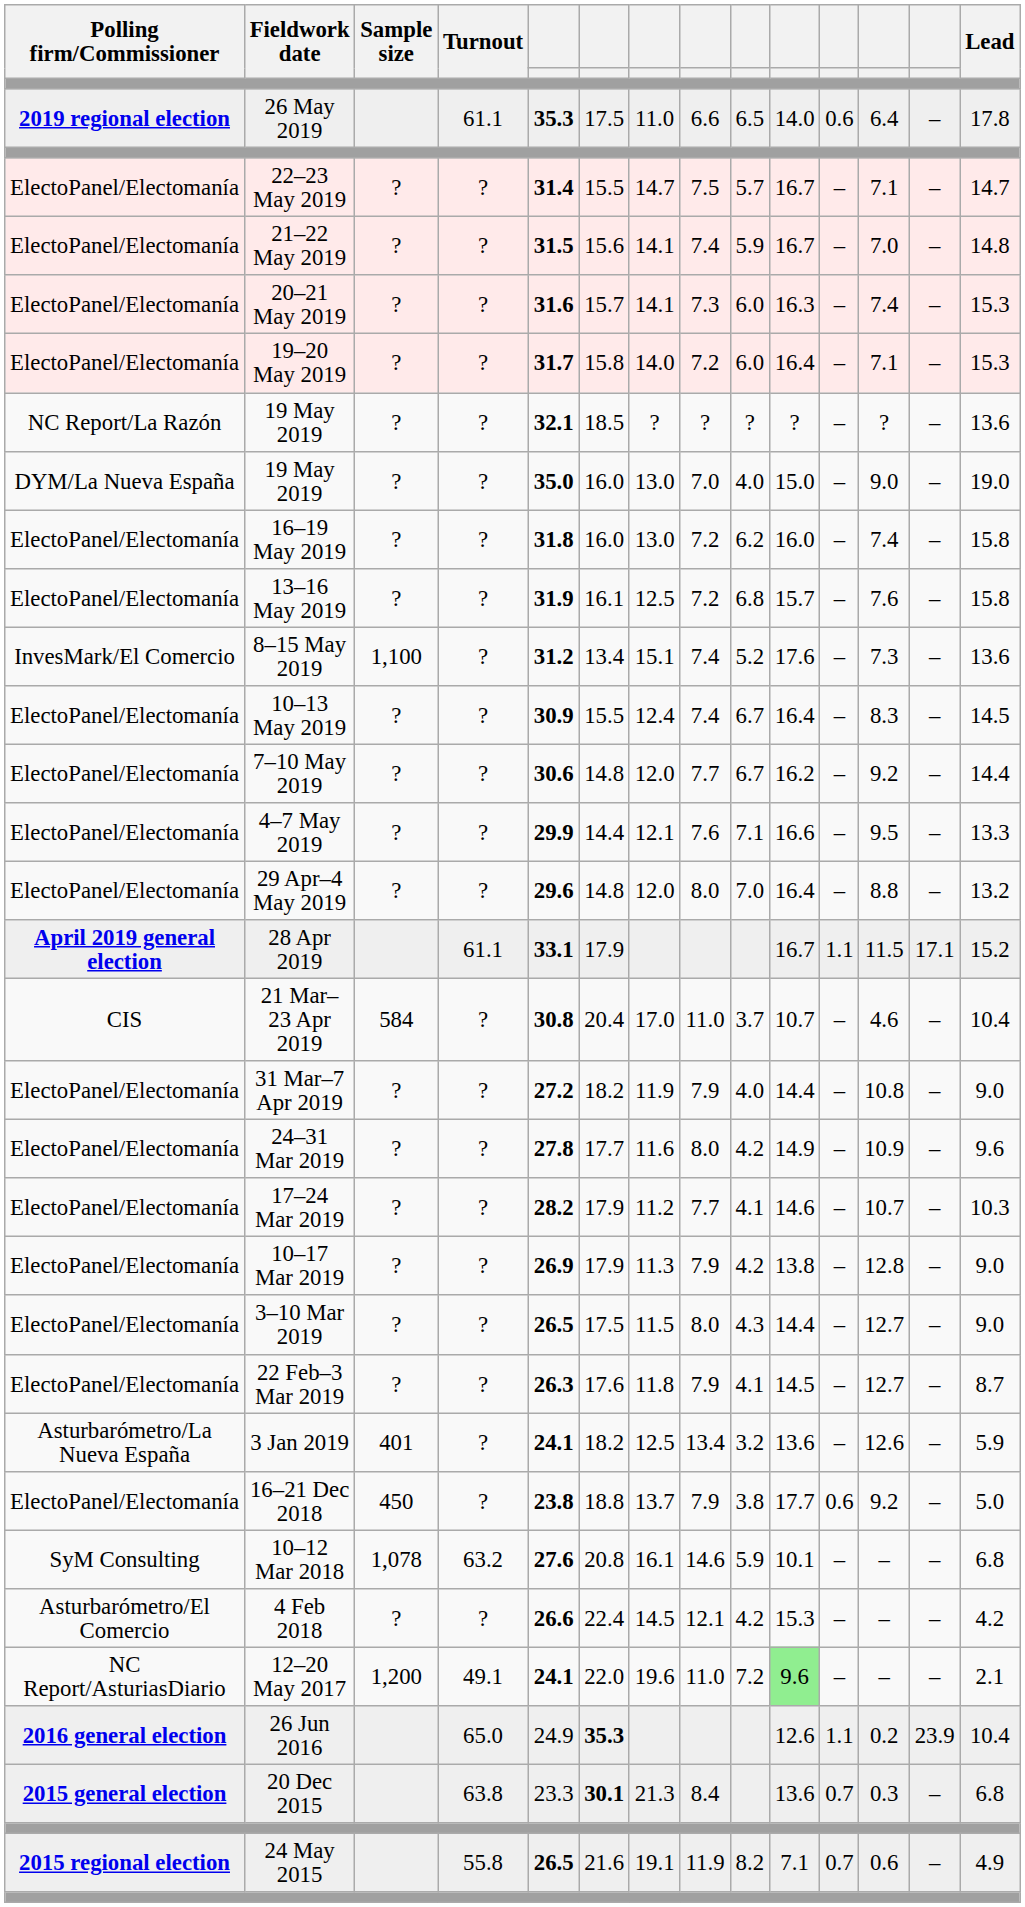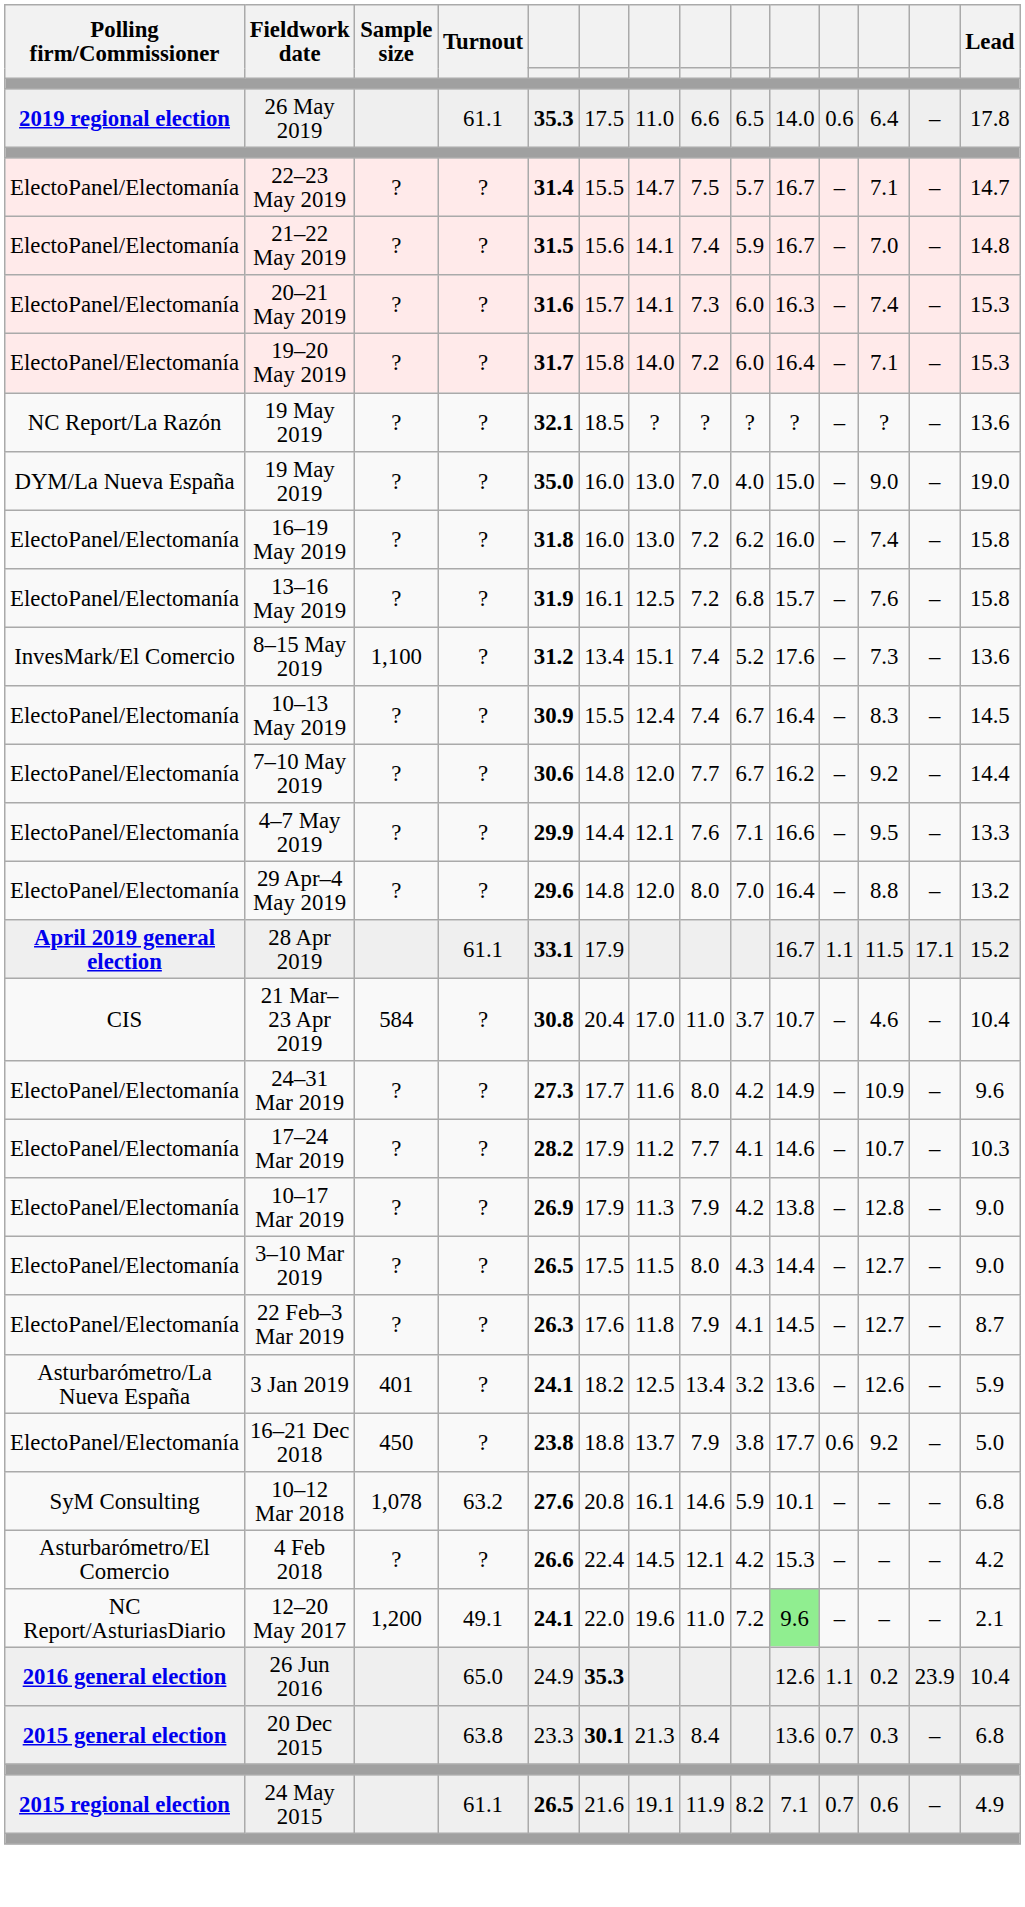 <table class="wikitable collapsible collapsed" style="text-align:center; font-size:95%; line-height:16px;">
 <tr style="height:42px;">
 <th style="width:250px;" rowspan="2">Polling firm/Commissioner</th>
 <th style="width:125px;" rowspan="2">Fieldwork date</th>
 <th style="width:50px;" rowspan="2">Sample size</th>
 <th style="width:45px;" rowspan="2">Turnout</th>
 <th style="width:35px;"></th>
 <th style="width:35px;"></th>
 <th style="width:35px;"></th>
 <th style="width:35px;"></th>
 <th style="width:35px;"></th>
 <th style="width:35px;"></th>
 <th style="width:35px;"></th>
 <th style="width:35px;"></th>
 <th style="width:35px;"></th>
 <th style="width:30px;" rowspan="2">Lead</th>
 </tr>
 <tr>
 <th style="color:inherit;background:"></th>
 <th style="color:inherit;background:"></th>
 <th style="color:inherit;background:"></th>
 <th style="color:inherit;background:"></th>
 <th style="color:inherit;background:"></th>
 <th style="color:inherit;background:"></th>
 <th style="color:inherit;background:"></th>
 <th style="color:inherit;background:"></th>
 <th style="color:inherit;background:"></th>
 </tr>
 <tr>
 <td colspan="14" style="background:#A0A0A0"></td>
 </tr>
 <tr style="background:#EFEFEF;">
 <td><strong><a href='#'>2019 regional election</a></strong></td>
 <td>26 May 2019</td>
 <td></td>
 <td>61.1</td>
 <td><strong>35.3</strong><br></td>
 <td>17.5<br></td>
 <td>11.0<br></td>
 <td>6.6<br></td>
 <td>6.5<br></td>
 <td>14.0<br></td>
 <td>0.6<br></td>
 <td>6.4<br></td>
 <td>–</td>
 <td style="background:">17.8</td>
 </tr>
 <tr>
 <td colspan="14" style="background:#A0A0A0"></td>
 </tr>
 <tr style="background:#FFEAEA;">
 <td>ElectoPanel/Electomanía</td>
 <td>22–23 May 2019</td>
 <td>?</td>
 <td>?</td>
 <td><strong>31.4</strong><br></td>
 <td>15.5<br></td>
 <td>14.7<br></td>
 <td>7.5<br></td>
 <td>5.7<br></td>
 <td>16.7<br></td>
 <td>–</td>
 <td>7.1<br></td>
 <td>–</td>
 <td style="background:">14.7</td>
 </tr>
 <tr style="background:#FFEAEA;">
 <td>ElectoPanel/Electomanía</td>
 <td>21–22 May 2019</td>
 <td>?</td>
 <td>?</td>
 <td><strong>31.5</strong><br></td>
 <td>15.6<br></td>
 <td>14.1<br></td>
 <td>7.4<br></td>
 <td>5.9<br></td>
 <td>16.7<br></td>
 <td>–</td>
 <td>7.0<br></td>
 <td>–</td>
 <td style="background:">14.8</td>
 </tr>
 <tr style="background:#FFEAEA;">
 <td>ElectoPanel/Electomanía</td>
 <td>20–21 May 2019</td>
 <td>?</td>
 <td>?</td>
 <td><strong>31.6</strong><br></td>
 <td>15.7<br></td>
 <td>14.1<br></td>
 <td>7.3<br></td>
 <td>6.0<br></td>
 <td>16.3<br></td>
 <td>–</td>
 <td>7.4<br></td>
 <td>–</td>
 <td style="background:">15.3</td>
 </tr>
 <tr style="background:#FFEAEA;">
 <td>ElectoPanel/Electomanía</td>
 <td>19–20 May 2019</td>
 <td>?</td>
 <td>?</td>
 <td><strong>31.7</strong><br></td>
 <td>15.8<br></td>
 <td>14.0<br></td>
 <td>7.2<br></td>
 <td>6.0<br></td>
 <td>16.4<br></td>
 <td>–</td>
 <td>7.1<br></td>
 <td>–</td>
 <td style="background:">15.3</td>
 </tr>
 <tr>
 <td>NC Report/La Razón</td>
 <td>19 May 2019</td>
 <td>?</td>
 <td>?</td>
 <td><strong>32.1</strong><br></td>
 <td>18.5<br></td>
 <td>?<br></td>
 <td>?<br></td>
 <td>?<br></td>
 <td>?<br></td>
 <td>–</td>
 <td>?<br></td>
 <td>–</td>
 <td style="background:">13.6</td>
 </tr>
 <tr>
 <td>DYM/La Nueva España</td>
 <td>19 May 2019</td>
 <td>?</td>
 <td>?</td>
 <td><strong>35.0</strong><br></td>
 <td>16.0<br></td>
 <td>13.0<br></td>
 <td>7.0<br></td>
 <td>4.0<br></td>
 <td>15.0<br></td>
 <td>–</td>
 <td>9.0<br></td>
 <td>–</td>
 <td style="background:">19.0</td>
 </tr>
 <tr>
 <td>ElectoPanel/Electomanía</td>
 <td>16–19 May 2019</td>
 <td>?</td>
 <td>?</td>
 <td><strong>31.8</strong><br></td>
 <td>16.0<br></td>
 <td>13.0<br></td>
 <td>7.2<br></td>
 <td>6.2<br></td>
 <td>16.0<br></td>
 <td>–</td>
 <td>7.4<br></td>
 <td>–</td>
 <td style="background:">15.8</td>
 </tr>
 <tr>
 <td>ElectoPanel/Electomanía</td>
 <td>13–16 May 2019</td>
 <td>?</td>
 <td>?</td>
 <td><strong>31.9</strong><br></td>
 <td>16.1<br></td>
 <td>12.5<br></td>
 <td>7.2<br></td>
 <td>6.8<br></td>
 <td>15.7<br></td>
 <td>–</td>
 <td>7.6<br></td>
 <td>–</td>
 <td style="background:">15.8</td>
 </tr>
 <tr>
 <td>InvesMark/El Comercio</td>
 <td>8–15 May 2019</td>
 <td>1,100</td>
 <td>?</td>
 <td><strong>31.2</strong><br></td>
 <td>13.4<br></td>
 <td>15.1<br></td>
 <td>7.4<br></td>
 <td>5.2<br></td>
 <td>17.6<br></td>
 <td>–</td>
 <td>7.3<br></td>
 <td>–</td>
 <td style="background:">13.6</td>
 </tr>
 <tr>
 <td>ElectoPanel/Electomanía</td>
 <td>10–13 May 2019</td>
 <td>?</td>
 <td>?</td>
 <td><strong>30.9</strong><br></td>
 <td>15.5<br></td>
 <td>12.4<br></td>
 <td>7.4<br></td>
 <td>6.7<br></td>
 <td>16.4<br></td>
 <td>–</td>
 <td>8.3<br></td>
 <td>–</td>
 <td style="background:">14.5</td>
 </tr>
 <tr>
 <td>ElectoPanel/Electomanía</td>
 <td>7–10 May 2019</td>
 <td>?</td>
 <td>?</td>
 <td><strong>30.6</strong><br></td>
 <td>14.8<br></td>
 <td>12.0<br></td>
 <td>7.7<br></td>
 <td>6.7<br></td>
 <td>16.2<br></td>
 <td>–</td>
 <td>9.2<br></td>
 <td>–</td>
 <td style="background:">14.4</td>
 </tr>
 <tr>
 <td>ElectoPanel/Electomanía</td>
 <td>4–7 May 2019</td>
 <td>?</td>
 <td>?</td>
 <td><strong>29.9</strong><br></td>
 <td>14.4<br></td>
 <td>12.1<br></td>
 <td>7.6<br></td>
 <td>7.1<br></td>
 <td>16.6<br></td>
 <td>–</td>
 <td>9.5<br></td>
 <td>–</td>
 <td style="background:">13.3</td>
 </tr>
 <tr>
 <td>ElectoPanel/Electomanía</td>
 <td>29 Apr–4 May 2019</td>
 <td>?</td>
 <td>?</td>
 <td><strong>29.6</strong><br></td>
 <td>14.8<br></td>
 <td>12.0<br></td>
 <td>8.0<br></td>
 <td>7.0<br></td>
 <td>16.4<br></td>
 <td>–</td>
 <td>8.8<br></td>
 <td>–</td>
 <td style="background:">13.2</td>
 </tr>
 <tr style="background:#EFEFEF;">
 <td><strong><a href='#'>April 2019 general election</a></strong></td>
 <td>28 Apr 2019</td>
 <td></td>
 <td>61.1</td>
 <td><strong>33.1</strong><br></td>
 <td>17.9<br></td>
 <td></td>
 <td></td>
 <td></td>
 <td>16.7<br></td>
 <td>1.1<br></td>
 <td>11.5<br></td>
 <td>17.1<br></td>
 <td style="background:">15.2</td>
 </tr>
 <tr>
 <td>CIS</td>
 <td>21 Mar–23 Apr 2019</td>
 <td>584</td>
 <td>?</td>
 <td><strong>30.8</strong><br></td>
 <td>20.4<br></td>
 <td>17.0<br></td>
 <td>11.0<br></td>
 <td>3.7<br></td>
 <td>10.7<br></td>
 <td>–</td>
 <td>4.6<br></td>
 <td>–</td>
 <td style="background:">10.4</td>
 </tr>
 <tr>
 <td>ElectoPanel/Electomanía</td>
-<td>31 Mar–7 Apr 2019</td>
-<td>?</td>
-<td>?</td>
-<td><strong>27.2</strong><br></td>
-<td>18.2<br></td>
-<td>11.9<br></td>
-<td>7.9<br></td>
-<td>4.0<br></td>
-<td>14.4<br></td>
-<td>–</td>
-<td>10.8<br></td>
-<td>–</td>
-<td style="background:">9.0</td>
-</tr>
-<tr>
-<td>ElectoPanel/Electomanía</td>
 <td>24–31 Mar 2019</td>
 <td>?</td>
 <td>?</td>
-<td><strong>27.8</strong><br></td>
+<td><strong>27.3</strong><br></td>
 <td>17.7<br></td>
 <td>11.6<br></td>
 <td>8.0<br></td>
 <td>4.2<br></td>
 <td>14.9<br></td>
 <td>–</td>
 <td>10.9<br></td>
 <td>–</td>
 <td style="background:">9.6</td>
 </tr>
 <tr>
 <td>ElectoPanel/Electomanía</td>
 <td>17–24 Mar 2019</td>
 <td>?</td>
 <td>?</td>
 <td><strong>28.2</strong><br></td>
 <td>17.9<br></td>
 <td>11.2<br></td>
 <td>7.7<br></td>
 <td>4.1<br></td>
 <td>14.6<br></td>
 <td>–</td>
 <td>10.7<br></td>
 <td>–</td>
 <td style="background:">10.3</td>
 </tr>
 <tr>
 <td>ElectoPanel/Electomanía</td>
 <td>10–17 Mar 2019</td>
 <td>?</td>
 <td>?</td>
 <td><strong>26.9</strong><br></td>
 <td>17.9<br></td>
 <td>11.3<br></td>
 <td>7.9<br></td>
 <td>4.2<br></td>
 <td>13.8<br></td>
 <td>–</td>
 <td>12.8<br></td>
 <td>–</td>
 <td style="background:">9.0</td>
 </tr>
 <tr>
 <td>ElectoPanel/Electomanía</td>
 <td>3–10 Mar 2019</td>
 <td>?</td>
 <td>?</td>
 <td><strong>26.5</strong><br></td>
 <td>17.5<br></td>
 <td>11.5<br></td>
 <td>8.0<br></td>
 <td>4.3<br></td>
 <td>14.4<br></td>
 <td>–</td>
 <td>12.7<br></td>
 <td>–</td>
 <td style="background:">9.0</td>
 </tr>
 <tr>
 <td>ElectoPanel/Electomanía</td>
 <td>22 Feb–3 Mar 2019</td>
 <td>?</td>
 <td>?</td>
 <td><strong>26.3</strong><br></td>
 <td>17.6<br></td>
 <td>11.8<br></td>
 <td>7.9<br></td>
 <td>4.1<br></td>
 <td>14.5<br></td>
 <td>–</td>
 <td>12.7<br></td>
 <td>–</td>
 <td style="background:">8.7</td>
 </tr>
 <tr>
 <td>Asturbarómetro/La Nueva España<br></td>
 <td>3 Jan 2019</td>
 <td>401</td>
 <td>?</td>
 <td><strong>24.1</strong><br></td>
 <td>18.2<br></td>
 <td>12.5<br></td>
 <td>13.4<br></td>
 <td>3.2<br></td>
 <td>13.6<br></td>
 <td>–</td>
 <td>12.6<br></td>
 <td>–</td>
 <td style="background:">5.9</td>
 </tr>
 <tr>
 <td>ElectoPanel/Electomanía</td>
 <td>16–21 Dec 2018</td>
 <td>450</td>
 <td>?</td>
 <td><strong>23.8</strong><br></td>
 <td>18.8<br></td>
 <td>13.7<br></td>
 <td>7.9<br></td>
 <td>3.8<br></td>
 <td>17.7<br></td>
 <td>0.6<br></td>
 <td>9.2<br></td>
 <td>–</td>
 <td style="background:">5.0</td>
 </tr>
 <tr>
 <td>SyM Consulting</td>
 <td>10–12 Mar 2018</td>
 <td>1,078</td>
 <td>63.2</td>
 <td><strong>27.6</strong><br></td>
 <td>20.8<br></td>
 <td>16.1<br></td>
 <td>14.6<br></td>
 <td>5.9<br></td>
 <td>10.1<br></td>
 <td>–</td>
 <td>–</td>
 <td>–</td>
 <td style="background:">6.8</td>
 </tr>
 <tr>
 <td>Asturbarómetro/El Comercio</td>
 <td>4 Feb 2018</td>
 <td>?</td>
 <td>?</td>
 <td><strong>26.6</strong><br></td>
 <td>22.4<br></td>
 <td>14.5<br></td>
 <td>12.1<br></td>
 <td>4.2<br></td>
 <td>15.3<br></td>
 <td>–</td>
 <td>–</td>
 <td>–</td>
 <td style="background:">4.2</td>
 </tr>
 <tr>
 <td>NC Report/AsturiasDiario</td>
 <td>12–20 May 2017</td>
 <td>1,200</td>
 <td>49.1</td>
 <td><strong>24.1</strong><br></td>
 <td>22.0<br></td>
 <td>19.6<br></td>
 <td>11.0<br></td>
 <td>7.2<br></td>
 <td style="background: lightgreen;">9.6<br></td>
 <td>–</td>
 <td>–</td>
 <td>–</td>
 <td style="background:">2.1</td>
 </tr>
 <tr style="background:#EFEFEF;">
 <td><strong><a href='#'>2016 general election</a></strong></td>
 <td>26 Jun 2016</td>
 <td></td>
 <td>65.0</td>
 <td>24.9</td>
 <td><strong>35.3</strong></td>
 <td></td>
 <td></td>
 <td></td>
 <td>12.6</td>
 <td>1.1</td>
 <td>0.2</td>
 <td>23.9</td>
 <td style="background:">10.4</td>
 </tr>
 <tr style="background:#EFEFEF;">
 <td><strong><a href='#'>2015 general election</a></strong></td>
 <td>20 Dec 2015</td>
 <td></td>
 <td>63.8</td>
 <td>23.3</td>
 <td><strong>30.1</strong></td>
 <td>21.3</td>
 <td>8.4</td>
 <td></td>
 <td>13.6</td>
 <td>0.7</td>
 <td>0.3</td>
 <td>–</td>
 <td style="background:">6.8</td>
 </tr>
 <tr>
 <td colspan="14" style="background:#A0A0A0"></td>
 </tr>
 <tr style="background:#EFEFEF;">
 <td><strong><a href='#'>2015 regional election</a></strong></td>
 <td>24 May 2015</td>
 <td></td>
-<td>55.8</td>
+<td>61.1</td>
 <td><strong>26.5</strong><br></td>
 <td>21.6<br></td>
 <td>19.1<br></td>
 <td>11.9<br></td>
 <td>8.2<br></td>
 <td>7.1<br></td>
 <td>0.7<br></td>
 <td>0.6<br></td>
 <td>–</td>
 <td style="background:">4.9</td>
 </tr>
 <tr>
 <td colspan="14" style="background:#A0A0A0"></td>
 </tr>
 </table>
